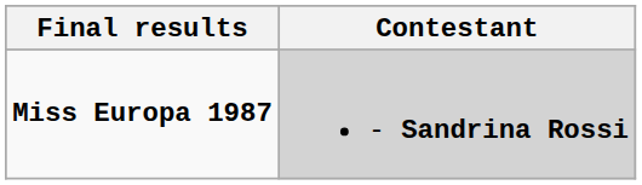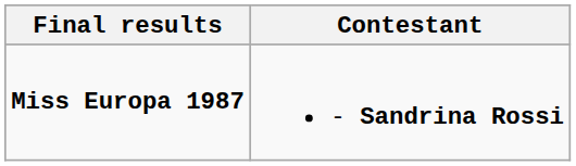 <table class="wikitable">
 <tr>
 <th>Final results</th>
 <th>Contestant</th>
 </tr>
 <tr>
 <td><strong>Miss Europa 1987</strong></td>
-<td style="background: lightgrey;"><br><ul><li><strong></strong> - <strong>Sandrina Rossi</strong></li></ul></td>
+<td><br><ul><li><strong></strong> - <strong>Sandrina Rossi</strong></li></ul></td>
 </tr>
 </table>
